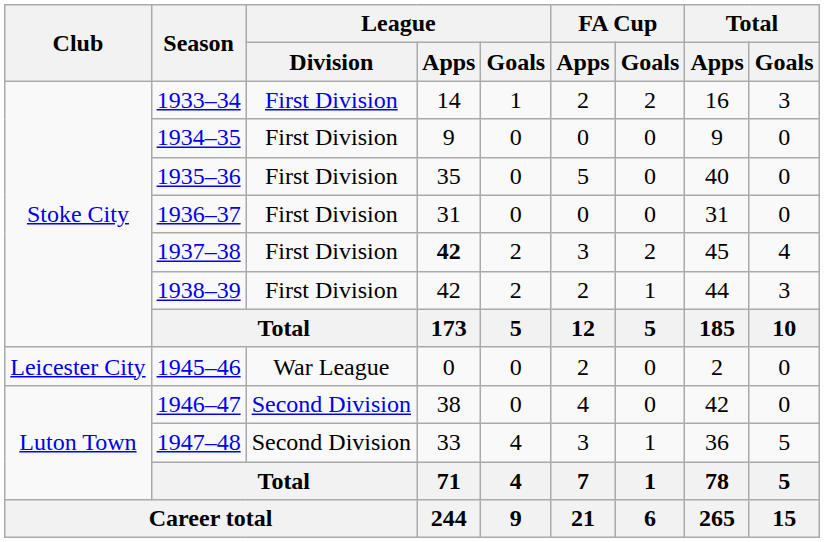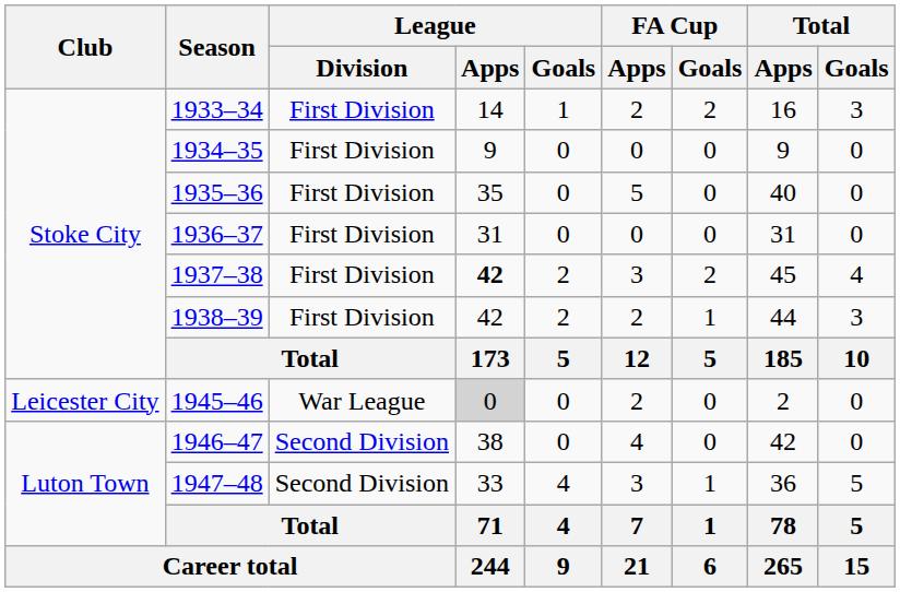 <table class="wikitable" style="text-align: center;">
 <tr>
 <th rowspan="2">Club</th>
 <th rowspan="2">Season</th>
 <th colspan="3">League</th>
 <th colspan="2">FA Cup</th>
 <th colspan="2">Total</th>
 </tr>
 <tr>
 <th>Division</th>
 <th>Apps</th>
 <th>Goals</th>
 <th>Apps</th>
 <th>Goals</th>
 <th>Apps</th>
 <th>Goals</th>
 </tr>
 <tr>
 <td rowspan="7"><a href='#'>Stoke City</a></td>
 <td><a href='#'>1933–34</a></td>
 <td><a href='#'>First Division</a></td>
 <td>14</td>
 <td>1</td>
 <td>2</td>
 <td>2</td>
 <td>16</td>
 <td>3</td>
 </tr>
 <tr>
 <td><a href='#'>1934–35</a></td>
 <td>First Division</td>
 <td>9</td>
 <td>0</td>
 <td>0</td>
 <td>0</td>
 <td>9</td>
 <td>0</td>
 </tr>
 <tr>
 <td><a href='#'>1935–36</a></td>
 <td>First Division</td>
 <td>35</td>
 <td>0</td>
 <td>5</td>
 <td>0</td>
 <td>40</td>
 <td>0</td>
 </tr>
 <tr>
 <td><a href='#'>1936–37</a></td>
 <td>First Division</td>
 <td>31</td>
 <td>0</td>
 <td>0</td>
 <td>0</td>
 <td>31</td>
 <td>0</td>
 </tr>
 <tr>
 <td><a href='#'>1937–38</a></td>
 <td>First Division</td>
 <td><strong>42</strong></td>
 <td>2</td>
 <td>3</td>
 <td>2</td>
 <td>45</td>
 <td>4</td>
 </tr>
 <tr>
 <td><a href='#'>1938–39</a></td>
 <td>First Division</td>
 <td>42</td>
 <td>2</td>
 <td>2</td>
 <td>1</td>
 <td>44</td>
 <td>3</td>
 </tr>
 <tr>
 <th colspan="2">Total</th>
 <th>173</th>
 <th>5</th>
 <th>12</th>
 <th>5</th>
 <th>185</th>
 <th>10</th>
 </tr>
 <tr>
 <td><a href='#'>Leicester City</a></td>
 <td><a href='#'>1945–46</a></td>
 <td>War League</td>
-<td>0</td>
+<td style="background: lightgrey;">0</td>
 <td>0</td>
 <td>2</td>
 <td>0</td>
 <td>2</td>
 <td>0</td>
 </tr>
 <tr>
 <td rowspan="3"><a href='#'>Luton Town</a></td>
 <td><a href='#'>1946–47</a></td>
 <td><a href='#'>Second Division</a></td>
 <td>38</td>
 <td>0</td>
 <td>4</td>
 <td>0</td>
 <td>42</td>
 <td>0</td>
 </tr>
 <tr>
 <td><a href='#'>1947–48</a></td>
 <td>Second Division</td>
 <td>33</td>
 <td>4</td>
 <td>3</td>
 <td>1</td>
 <td>36</td>
 <td>5</td>
 </tr>
 <tr>
 <th colspan="2">Total</th>
 <th>71</th>
 <th>4</th>
 <th>7</th>
 <th>1</th>
 <th>78</th>
 <th>5</th>
 </tr>
 <tr>
 <th colspan="3">Career total</th>
 <th>244</th>
 <th>9</th>
 <th>21</th>
 <th>6</th>
 <th>265</th>
 <th>15</th>
 </tr>
 </table>
